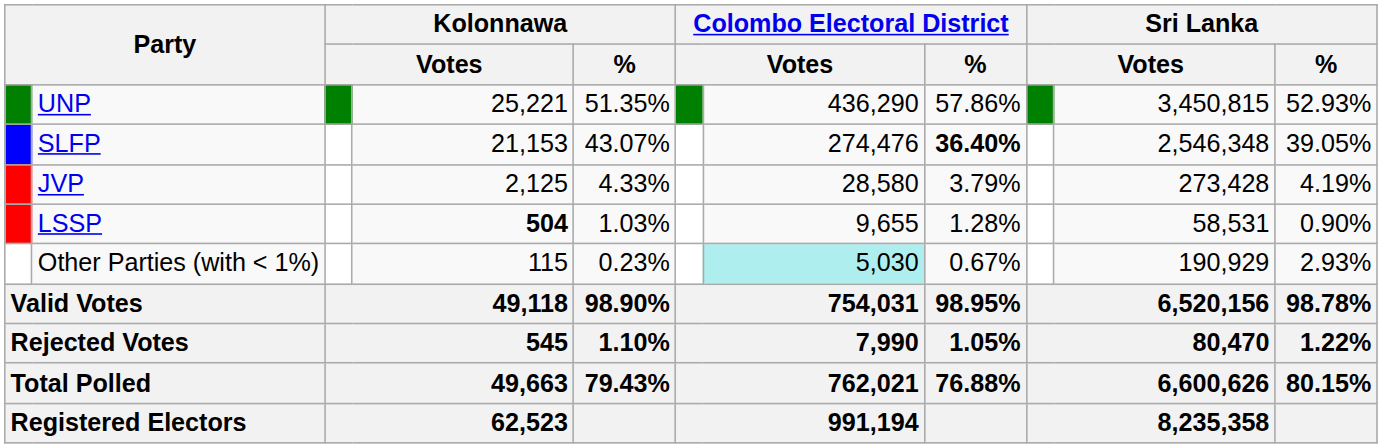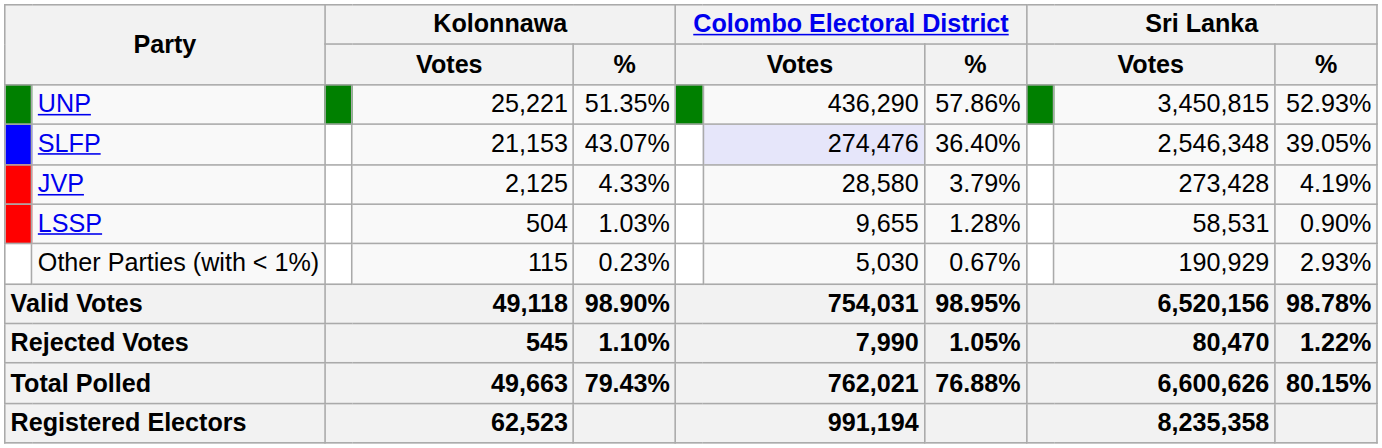 <table class="wikitable">
 <tr>
 <th colspan="2" width="144px"rowspan="2">Party</th>
 <th colspan="3" width="216px">Kolonnawa</th>
 <th colspan="3" width="216px"><a href='#'>Colombo Electoral District</a></th>
 <th colspan="3" width="216px">Sri Lanka</th>
 </tr>
 <tr>
 <th colspan="2" width="144px">Votes</th>
 <th>%</th>
 <th colspan="2" width="144px">Votes</th>
 <th>%</th>
 <th colspan="2" width="144px">Votes</th>
 <th>%</th>
 </tr>
 <tr>
 <td style="background-color:green;" width="10px"></td>
 <td style="text-align:left;"><a href='#'>UNP</a></td>
 <td style="background-color:green;" width="10px"></td>
 <td style="text-align:right;">25,221</td>
 <td style="text-align:right;">51.35%</td>
 <td style="background-color:green;" width="10px"></td>
 <td style="text-align:right;">436,290</td>
 <td style="text-align:right;">57.86%</td>
 <td style="background-color:green;" width="10px"></td>
 <td style="text-align:right;">3,450,815</td>
 <td style="text-align:right;">52.93%</td>
 </tr>
 <tr>
 <td style="background-color:blue;" width="10px"></td>
 <td style="text-align:left;"><a href='#'>SLFP</a></td>
 <td style="background-color:white;" width="10px"></td>
 <td style="text-align:right;">21,153</td>
 <td style="text-align:right;">43.07%</td>
 <td style="background-color:white;" width="10px"></td>
-<td style="text-align:right;">274,476</td>
-<td style="text-align:right;"><strong>36.40%</strong></td>
+<td style="background: lavender; text-align:right;">274,476</td>
+<td style="text-align:right;">36.40%</td>
 <td style="background-color:white;" width="10px"></td>
 <td style="text-align:right;">2,546,348</td>
 <td style="text-align:right;">39.05%</td>
 </tr>
 <tr>
 <td style="background-color:red;" width="10px"></td>
 <td style="text-align:left;"><a href='#'>JVP</a></td>
 <td style="background-color:white;" width="10px"></td>
 <td style="text-align:right;">2,125</td>
 <td style="text-align:right;">4.33%</td>
 <td style="background-color:white;" width="10px"></td>
 <td style="text-align:right;">28,580</td>
 <td style="text-align:right;">3.79%</td>
 <td style="background-color:white;" width="10px"></td>
 <td style="text-align:right;">273,428</td>
 <td style="text-align:right;">4.19%</td>
 </tr>
 <tr>
 <td style="background-color:red;" width="10px"></td>
 <td style="text-align:left;"><a href='#'>LSSP</a></td>
 <td style="background-color:white;" width="10px"></td>
-<td style="text-align:right;"><strong>504</strong></td>
+<td style="text-align:right;">504</td>
 <td style="text-align:right;">1.03%</td>
 <td style="background-color:white;" width="10px"></td>
 <td style="text-align:right;">9,655</td>
 <td style="text-align:right;">1.28%</td>
 <td style="background-color:white;" width="10px"></td>
 <td style="text-align:right;">58,531</td>
 <td style="text-align:right;">0.90%</td>
 </tr>
 <tr>
 <td style="background-color:white;" width="10px"></td>
 <td style="text-align:left;">Other Parties (with < 1%)</td>
 <td style="background-color:white;" width="10px"></td>
 <td style="text-align:right;">115</td>
 <td style="text-align:right;">0.23%</td>
 <td style="background-color:white;" width="10px"></td>
-<td style="background: paleturquoise; text-align:right;">5,030</td>
+<td style="text-align:right;">5,030</td>
 <td style="text-align:right;">0.67%</td>
 <td style="background-color:white;" width="10px"></td>
 <td style="text-align:right;">190,929</td>
 <td style="text-align:right;">2.93%</td>
 </tr>
 <tr>
 <th colspan="2" width="144px"style="text-align:left;">Valid Votes</th>
 <th style="text-align:right;"colspan="2" width="144px">49,118</th>
 <th style="text-align:right;">98.90%</th>
 <th style="text-align:right;"colspan="2" width="144px">754,031</th>
 <th style="text-align:right;">98.95%</th>
 <th style="text-align:right;"colspan="2" width="144px">6,520,156</th>
 <th style="text-align:right;">98.78%</th>
 </tr>
 <tr>
 <th colspan="2" width="144px"style="text-align:left;">Rejected Votes</th>
 <th style="text-align:right;"colspan="2" width="144px">545</th>
 <th style="text-align:right;">1.10%</th>
 <th style="text-align:right;"colspan="2" width="144px">7,990</th>
 <th style="text-align:right;">1.05%</th>
 <th style="text-align:right;"colspan="2" width="144px">80,470</th>
 <th style="text-align:right;">1.22%</th>
 </tr>
 <tr>
 <th colspan="2" width="144px"style="text-align:left;">Total Polled</th>
 <th style="text-align:right;"colspan="2" width="144px">49,663</th>
 <th style="text-align:right;">79.43%</th>
 <th style="text-align:right;"colspan="2" width="144px">762,021</th>
 <th style="text-align:right;">76.88%</th>
 <th style="text-align:right;"colspan="2" width="144px">6,600,626</th>
 <th style="text-align:right;">80.15%</th>
 </tr>
 <tr>
 <th colspan="2" width="144px"style="text-align:left;">Registered Electors</th>
 <th style="text-align:right;"colspan="2" width="144px">62,523</th>
 <th></th>
 <th style="text-align:right;"colspan="2" width="144px">991,194</th>
 <th></th>
 <th style="text-align:right;"colspan="2" width="144px">8,235,358</th>
 <th></th>
 </tr>
 </table>
